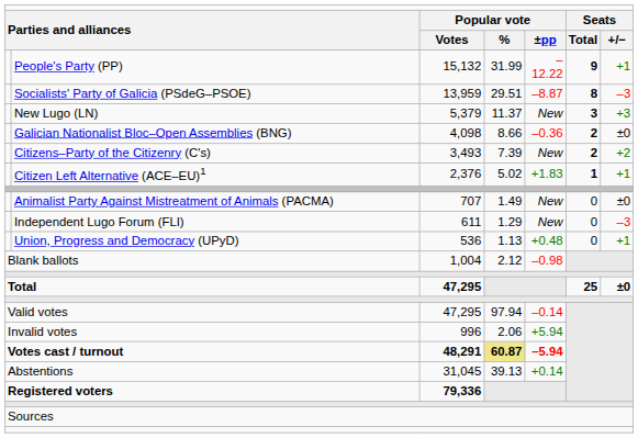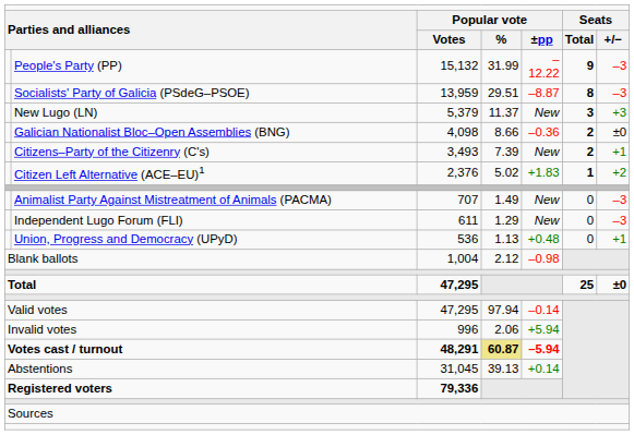 <table class="wikitable" style="text-align:right;">
 <tr>
 <td colspan="7"></td>
 </tr>
 <tr>
 <th style="text-align:left;" rowspan="2" colspan="2" width="525">Parties and alliances</th>
 <th colspan="3">Popular vote</th>
 <th colspan="2">Seats</th>
 </tr>
 <tr>
 <th width="75">Votes</th>
 <th width="45">%</th>
 <th width="45">±<a href='#'>pp</a></th>
 <th width="35">Total</th>
 <th width="35">+/−</th>
 </tr>
 <tr>
 <td width="1" style="color:inherit;background:"></td>
 <td align="left"><a href='#'>People's Party</a> (PP)</td>
 <td>15,132</td>
 <td>31.99</td>
 <td style="color:red;">–12.22</td>
 <td><strong>9</strong></td>
-<td style="color:green;">+1</td>
+<td style="color:red;">–3</td>
 </tr>
 <tr>
 <td style="color:inherit;background:"></td>
 <td align="left"><a href='#'>Socialists' Party of Galicia</a> (PSdeG–PSOE)</td>
 <td>13,959</td>
 <td>29.51</td>
 <td style="color:red;">–8.87</td>
 <td><strong>8</strong></td>
 <td style="color:red;">–3</td>
 </tr>
 <tr>
 <td style="color:inherit;background:"></td>
 <td align="left">New Lugo (LN)</td>
 <td>5,379</td>
 <td>11.37</td>
 <td><em>New</em></td>
 <td><strong>3</strong></td>
 <td style="color:green;">+3</td>
 </tr>
 <tr>
 <td style="color:inherit;background:"></td>
 <td align="left"><a href='#'>Galician Nationalist Bloc–Open Assemblies</a> (BNG)</td>
 <td>4,098</td>
 <td>8.66</td>
 <td style="color:red;">–0.36</td>
 <td><strong>2</strong></td>
 <td>±0</td>
 </tr>
 <tr>
 <td style="color:inherit;background:"></td>
 <td align="left"><a href='#'>Citizens–Party of the Citizenry</a> (C's)</td>
 <td>3,493</td>
 <td>7.39</td>
 <td><em>New</em></td>
 <td><strong>2</strong></td>
-<td style="color:green;">+2</td>
+<td style="color:green;">+1</td>
 </tr>
 <tr>
 <td style="color:inherit;background:"></td>
 <td align="left"><a href='#'>Citizen Left Alternative</a> (ACE–EU)<sup>1</sup></td>
 <td>2,376</td>
 <td>5.02</td>
 <td style="color:green;">+1.83</td>
 <td><strong>1</strong></td>
-<td style="color:green;">+1</td>
+<td style="color:green;">+2</td>
 </tr>
 <tr>
 <td colspan="7" bgcolor="#C0C0C0"></td>
 </tr>
 <tr>
 <td style="color:inherit;background:"></td>
 <td align="left"><a href='#'>Animalist Party Against Mistreatment of Animals</a> (PACMA)</td>
 <td>707</td>
 <td>1.49</td>
 <td><em>New</em></td>
 <td>0</td>
-<td>±0</td>
+<td style="color:red;">–3</td>
 </tr>
 <tr>
 <td style="color:inherit;background:"></td>
 <td align="left">Independent Lugo Forum (FLI)</td>
 <td>611</td>
 <td>1.29</td>
 <td><em>New</em></td>
 <td>0</td>
 <td style="color:red;">–3</td>
 </tr>
 <tr>
 <td style="color:inherit;background:"></td>
 <td align="left"><a href='#'>Union, Progress and Democracy</a> (UPyD)</td>
 <td>536</td>
 <td>1.13</td>
 <td style="color:green;">+0.48</td>
 <td>0</td>
 <td style="color:green;">+1</td>
 </tr>
 <tr>
 <td align="left" colspan="2">Blank ballots</td>
 <td>1,004</td>
 <td>2.12</td>
 <td style="color:red;">–0.98</td>
 <td bgcolor="#E9E9E9" colspan="2"></td>
 </tr>
 <tr>
 <td colspan="7" bgcolor="#E9E9E9"></td>
 </tr>
 <tr style="font-weight:bold;">
 <td align="left" colspan="2">Total</td>
 <td>47,295</td>
 <td bgcolor="#E9E9E9" colspan="2"></td>
 <td>25</td>
 <td>±0</td>
 </tr>
 <tr>
 <td colspan="7" bgcolor="#E9E9E9"></td>
 </tr>
 <tr>
 <td align="left" colspan="2">Valid votes</td>
 <td>47,295</td>
 <td>97.94</td>
 <td style="color:red;">–0.14</td>
 <td bgcolor="#E9E9E9" colspan="2" rowspan="5"></td>
 </tr>
 <tr>
 <td align="left" colspan="2">Invalid votes</td>
 <td>996</td>
 <td>2.06</td>
 <td style="color:green;">+5.94</td>
 </tr>
 <tr style="font-weight:bold;">
 <td align="left" colspan="2">Votes cast / turnout</td>
 <td>48,291</td>
 <td style="background: khaki;">60.87</td>
 <td style="color:red;">–5.94</td>
 </tr>
 <tr>
 <td align="left" colspan="2">Abstentions</td>
 <td>31,045</td>
 <td>39.13</td>
 <td style="color:green;">+0.14</td>
 </tr>
 <tr style="font-weight:bold;">
 <td align="left" colspan="2">Registered voters</td>
 <td>79,336</td>
 <td bgcolor="#E9E9E9" colspan="2"></td>
 </tr>
 <tr>
 <td colspan="7" bgcolor="#E9E9E9"></td>
 </tr>
 <tr>
 <td align="left" colspan="7">Sources</td>
 </tr>
 <tr>
 <td colspan="7" style="text-align:left; max-width:790px;"></td>
 </tr>
 </table>
